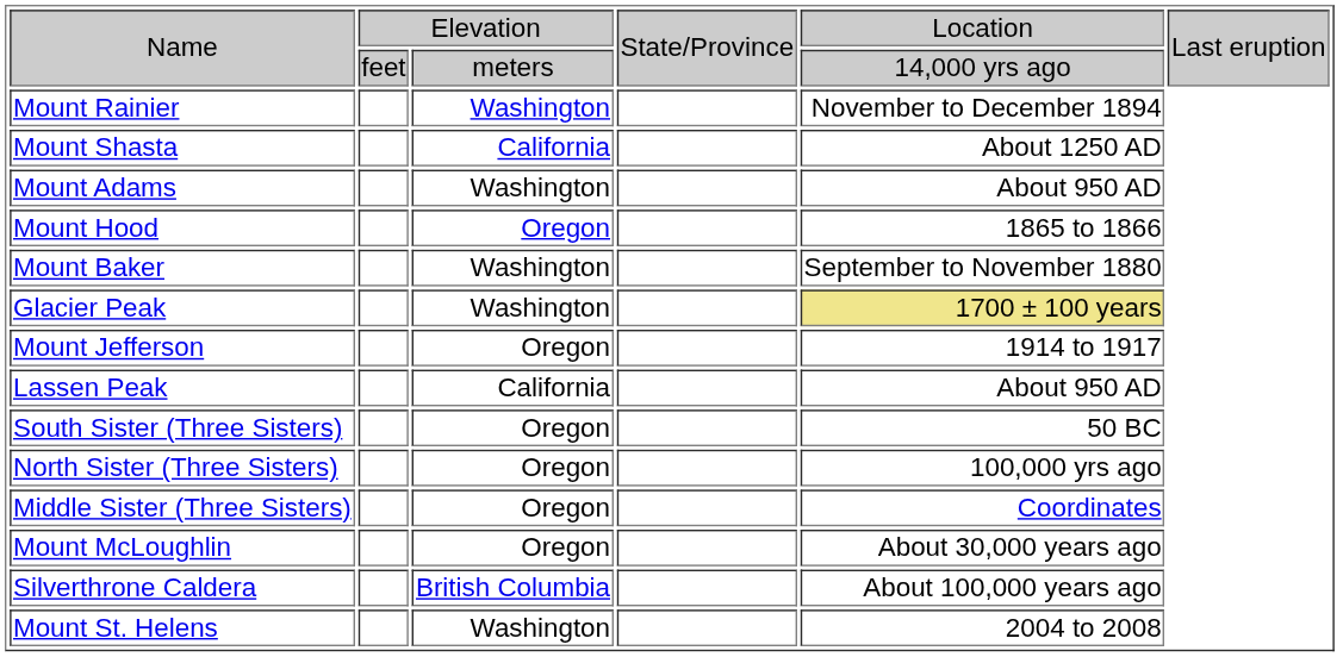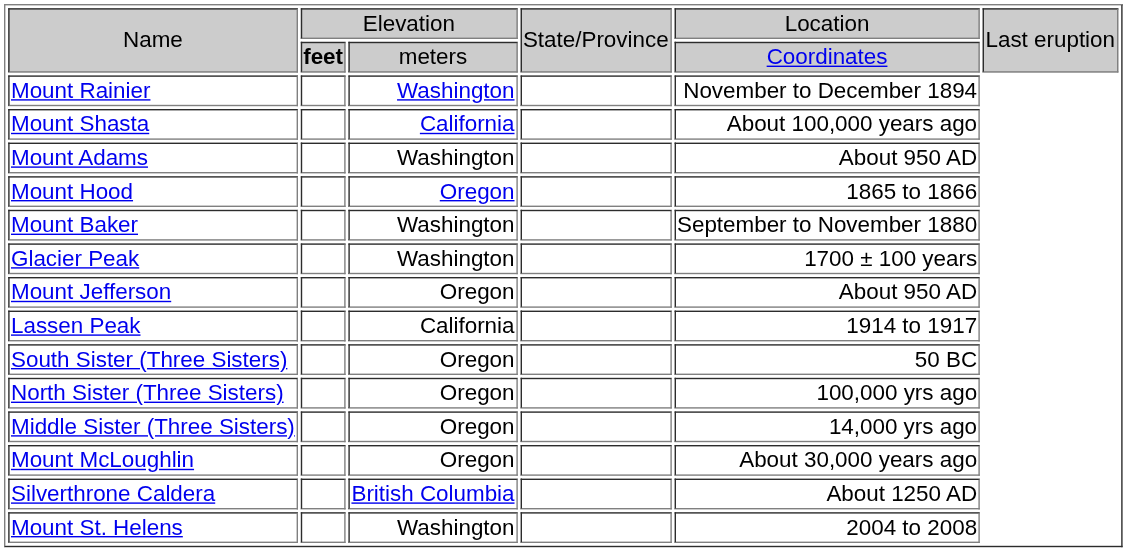 <table class="sortable" border="1" cellpadding="1">
 <tr style="text-align:center; background:#ccc;">
 <td rowspan="2">Name</td>
 <td colspan ="2">Elevation</td>
 <td rowspan="2">State/Province</td>
 <td>Location</td>
 <td rowspan="2">Last eruption</td>
 </tr>
 <tr style="text-align:center; background:#ccc;">
-<td>feet</td>
+<td><strong>feet</strong></td>
 <td>  meters  </td>
-<td>14,000 yrs ago</td>
+<td><a href='#'>Coordinates</a></td>
 </tr>
 <tr class="vcard" style="text-align:right;">
 <td align="left"><a href='#'>Mount Rainier</a></td>
 <td></td>
 <td><a href='#'>Washington</a></td>
 <td></td>
 <td>November to December 1894</td>
 </tr>
 <tr class="vcard" style="text-align:right;">
 <td align="left"><a href='#'>Mount Shasta</a></td>
 <td></td>
 <td><a href='#'>California</a></td>
 <td></td>
-<td>About 1250 AD</td>
+<td>About 100,000 years ago</td>
 </tr>
 <tr class="vcard" style="text-align:right;">
 <td align="left"><a href='#'>Mount Adams</a></td>
 <td></td>
 <td>Washington</td>
 <td></td>
 <td>About 950 AD</td>
 </tr>
 <tr class="vcard" style="text-align:right;">
 <td align="left"><a href='#'>Mount Hood</a></td>
 <td></td>
 <td><a href='#'>Oregon</a></td>
 <td></td>
 <td>1865 to 1866</td>
 </tr>
 <tr class="vcard" style="text-align:right;">
 <td align="left"><a href='#'>Mount Baker</a></td>
 <td></td>
 <td>Washington</td>
 <td></td>
 <td>September to November 1880</td>
 </tr>
 <tr class="vcard" style="text-align:right;">
 <td align="left"><a href='#'>Glacier Peak</a></td>
 <td></td>
 <td>Washington</td>
 <td></td>
-<td style="background: khaki;">1700 ± 100 years</td>
+<td>1700 ± 100 years</td>
 </tr>
 <tr class="vcard" style="text-align:right;">
 <td align="left"><a href='#'>Mount Jefferson</a></td>
 <td></td>
 <td>Oregon</td>
 <td></td>
-<td>1914 to 1917</td>
+<td>About 950 AD</td>
 </tr>
 <tr class="vcard" style="text-align:right;">
 <td align="left"><a href='#'>Lassen Peak</a></td>
 <td></td>
 <td>California</td>
 <td></td>
-<td>About 950 AD</td>
+<td>1914 to 1917</td>
 </tr>
 <tr class="vcard" style="text-align:right;">
 <td align="left"><a href='#'>South Sister (Three Sisters)</a></td>
 <td></td>
 <td>Oregon</td>
 <td></td>
 <td>50 BC</td>
 </tr>
 <tr class="vcard" style="text-align:right;">
 <td align="left"><a href='#'>North Sister (Three Sisters)</a></td>
 <td></td>
 <td>Oregon</td>
 <td></td>
 <td>100,000 yrs ago</td>
 </tr>
 <tr class="vcard" style="text-align:right;">
 <td align="left"><a href='#'>Middle Sister (Three Sisters)</a></td>
 <td></td>
 <td>Oregon</td>
 <td></td>
-<td><a href='#'>Coordinates</a></td>
+<td>14,000 yrs ago</td>
 </tr>
 <tr class="vcard" style="text-align:right;">
 <td align="left"><a href='#'>Mount McLoughlin</a></td>
 <td></td>
 <td>Oregon</td>
 <td></td>
 <td>About 30,000 years ago</td>
 </tr>
 <tr class="vcard" style="text-align:right;">
 <td align="left"><a href='#'>Silverthrone Caldera</a></td>
 <td></td>
 <td><a href='#'>British Columbia</a></td>
 <td></td>
-<td>About 100,000 years ago</td>
+<td>About 1250 AD</td>
 </tr>
 <tr class="vcard" style="text-align:right;">
 <td align="left"><a href='#'>Mount St. Helens</a></td>
 <td></td>
 <td>Washington</td>
 <td></td>
 <td>2004 to 2008</td>
 </tr>
 </table>
